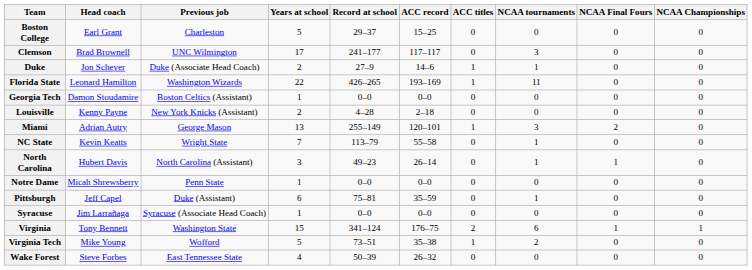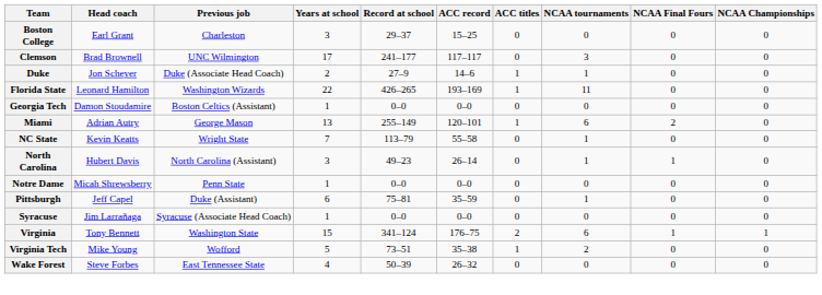 <table class="wikitable sortable" style="text-align: center;font-size:90%;">
 <tr>
 <th width="90">Team</th>
 <th>Head coach</th>
 <th>Previous job</th>
 <th>Years at school</th>
 <th>Record at school</th>
 <th>ACC record</th>
 <th>ACC titles</th>
 <th>NCAA tournaments</th>
 <th>NCAA Final Fours</th>
 <th>NCAA Championships</th>
 </tr>
 <tr>
 <th style=>Boston College</th>
 <td><a href='#'>Earl Grant</a></td>
 <td><a href='#'>Charleston</a></td>
-<td>5</td>
+<td>3</td>
 <td>29–37</td>
 <td>15–25</td>
 <td>0</td>
 <td>0</td>
 <td>0</td>
 <td>0</td>
 </tr>
 <tr>
 <th>Clemson</th>
 <td><a href='#'>Brad Brownell</a></td>
 <td><a href='#'>UNC Wilmington</a></td>
 <td>17</td>
 <td>241–177</td>
 <td>117–117</td>
 <td>0</td>
 <td>3</td>
 <td>0</td>
 <td>0</td>
 </tr>
 <tr>
 <th>Duke</th>
 <td><a href='#'>Jon Scheyer</a></td>
 <td><a href='#'>Duke</a> (Associate Head Coach)</td>
 <td>2</td>
 <td>27–9</td>
 <td>14–6</td>
 <td>1</td>
 <td>1</td>
 <td>0</td>
 <td>0</td>
 </tr>
 <tr>
 <th style=>Florida State</th>
 <td><a href='#'>Leonard Hamilton</a></td>
 <td><a href='#'>Washington Wizards</a></td>
 <td>22</td>
 <td>426–265</td>
 <td>193–169</td>
 <td>1</td>
 <td>11</td>
 <td>0</td>
 <td>0</td>
 </tr>
 <tr>
 <th>Georgia Tech</th>
 <td><a href='#'>Damon Stoudamire</a></td>
 <td><a href='#'>Boston Celtics</a> (Assistant)</td>
 <td>1</td>
 <td>0–0</td>
 <td>0–0</td>
 <td>0</td>
 <td>0</td>
 <td>0</td>
 <td>0</td>
 </tr>
 <tr>
-<th>Louisville</th>
-<td><a href='#'>Kenny Payne</a></td>
-<td><a href='#'>New York Knicks</a> (Assistant)</td>
-<td>2</td>
-<td>4–28</td>
-<td>2–18</td>
-<td>0</td>
-<td>0</td>
-<td>0</td>
-<td>0</td>
-</tr>
-<tr>
 <th>Miami</th>
 <td><a href='#'>Adrian Autry</a></td>
 <td><a href='#'>George Mason</a></td>
 <td>13</td>
 <td>255–149</td>
 <td>120–101</td>
 <td>1</td>
-<td>3</td>
+<td>6</td>
 <td>2</td>
 <td>0</td>
 </tr>
 <tr>
 <th>NC State</th>
 <td><a href='#'>Kevin Keatts</a></td>
 <td><a href='#'>Wright State</a></td>
 <td>7</td>
 <td>113–79</td>
 <td>55–58</td>
 <td>0</td>
 <td>1</td>
 <td>0</td>
 <td>0</td>
 </tr>
 <tr>
 <th>North Carolina</th>
 <td><a href='#'>Hubert Davis</a></td>
 <td><a href='#'>North Carolina</a> (Assistant)</td>
 <td>3</td>
 <td>49–23</td>
 <td>26–14</td>
 <td>0</td>
 <td>1</td>
 <td>1</td>
 <td>0</td>
 </tr>
 <tr>
 <th style=>Notre Dame</th>
 <td><a href='#'>Micah Shrewsberry</a></td>
 <td><a href='#'>Penn State</a></td>
 <td>1</td>
 <td>0–0</td>
 <td>0–0</td>
 <td>0</td>
 <td>0</td>
 <td>0</td>
 <td>0</td>
 </tr>
 <tr>
 <th style=>Pittsburgh</th>
 <td><a href='#'>Jeff Capel</a></td>
 <td><a href='#'>Duke</a> (Assistant)</td>
 <td>6</td>
 <td>75–81</td>
 <td>35–59</td>
 <td>0</td>
 <td>1</td>
 <td>0</td>
 <td>0</td>
 </tr>
 <tr>
 <th style=>Syracuse</th>
 <td><a href='#'>Jim Larrañaga</a></td>
 <td><a href='#'>Syracuse</a> (Associate Head Coach)</td>
 <td>1</td>
 <td>0–0</td>
 <td>0–0</td>
 <td>0</td>
 <td>0</td>
 <td>0</td>
 <td>0</td>
 </tr>
 <tr>
 <th>Virginia</th>
 <td><a href='#'>Tony Bennett</a></td>
 <td><a href='#'>Washington State</a></td>
 <td>15</td>
 <td>341–124</td>
 <td>176–75</td>
 <td>2</td>
 <td>6</td>
 <td>1</td>
 <td>1</td>
 </tr>
 <tr>
 <th>Virginia Tech</th>
 <td><a href='#'>Mike Young</a></td>
 <td><a href='#'>Wofford</a></td>
 <td>5</td>
 <td>73–51</td>
 <td>35–38</td>
 <td>1</td>
 <td>2</td>
 <td>0</td>
 <td>0</td>
 </tr>
 <tr>
 <th style=>Wake Forest</th>
 <td><a href='#'>Steve Forbes</a></td>
 <td><a href='#'>East Tennessee State</a></td>
 <td>4</td>
 <td>50–39</td>
 <td>26–32</td>
 <td>0</td>
 <td>0</td>
 <td>0</td>
 <td>0</td>
 </tr>
 </table>
